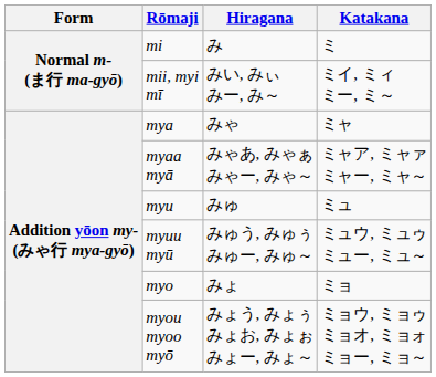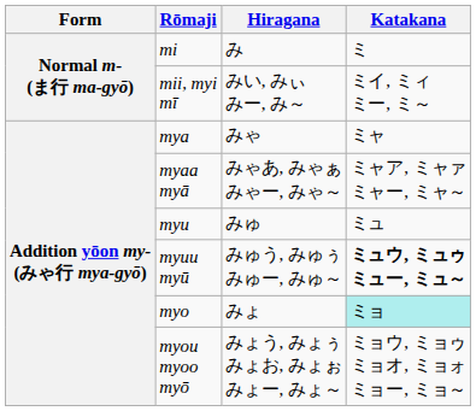 <table class="wikitable">
 <tr>
 <th>Form</th>
 <th><a href='#'>Rōmaji</a></th>
 <th><a href='#'>Hiragana</a></th>
 <th><a href='#'>Katakana</a></th>
 </tr>
 <tr>
 <th rowspan="2">Normal <em>m-</em><br>(ま行 <em>ma-gyō</em>)</th>
 <td><em>mi</em></td>
 <td>み</td>
 <td>ミ</td>
 </tr>
 <tr>
 <td><em>mii, myi</em><br><em>mī</em></td>
 <td>みい, みぃ<br>みー, み～</td>
 <td>ミイ, ミィ<br>ミー, ミ～</td>
 </tr>
 <tr>
 <th rowspan="6">Addition <a href='#'>yōon</a> <em>my-</em><br>(みゃ行 <em>mya-gyō</em>)</th>
 <td><em>mya</em></td>
 <td>みゃ</td>
 <td>ミャ</td>
 </tr>
 <tr>
 <td><em>myaa</em><br><em>myā</em></td>
 <td>みゃあ, みゃぁ<br>みゃー, みゃ～</td>
 <td>ミャア, ミャァ<br>ミャー, ミャ～</td>
 </tr>
 <tr>
 <td><em>myu</em></td>
 <td>みゅ</td>
 <td>ミュ</td>
 </tr>
 <tr>
 <td><em>myuu</em><br><em>myū</em></td>
 <td>みゅう, みゅぅ<br>みゅー, みゅ～</td>
-<td>ミュウ, ミュゥ<br>ミュー, ミュ～</td>
+<td><strong>ミュウ, ミュゥ<br>ミュー, ミュ～</strong></td>
 </tr>
 <tr>
 <td><em>myo</em></td>
 <td>みょ</td>
-<td>ミョ</td>
+<td style="background: paleturquoise;">ミョ</td>
 </tr>
 <tr>
 <td><em>myou</em><br><em>myoo</em><br><em>myō</em></td>
 <td>みょう, みょぅ<br>みょお, みょぉ<br>みょー, みょ～</td>
 <td>ミョウ, ミョゥ<br>ミョオ, ミョォ<br>ミョー, ミョ～</td>
 </tr>
 </table>
